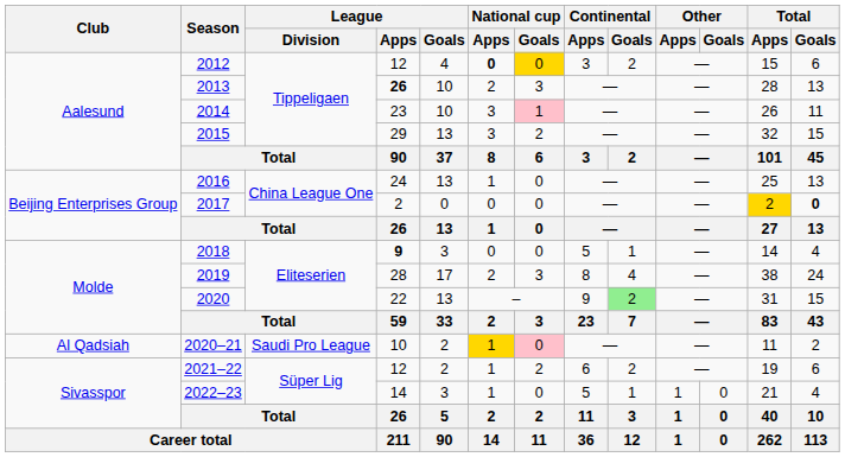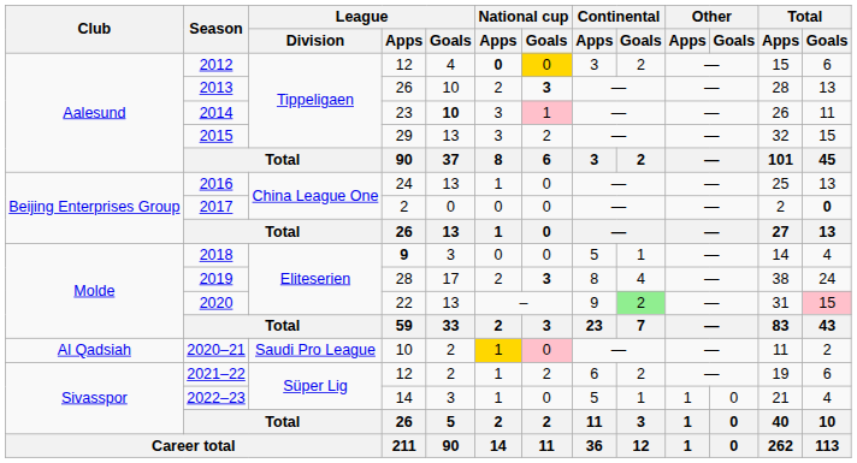 <table class="wikitable" style="text-align: center;">
 <tr>
 <th rowspan="2">Club</th>
 <th rowspan="2">Season</th>
 <th colspan="3">League</th>
 <th colspan="2">National cup</th>
 <th colspan="2">Continental</th>
 <th colspan="2">Other</th>
 <th colspan="2">Total</th>
 </tr>
 <tr>
 <th>Division</th>
 <th>Apps</th>
 <th>Goals</th>
 <th>Apps</th>
 <th>Goals</th>
 <th>Apps</th>
 <th>Goals</th>
 <th>Apps</th>
 <th>Goals</th>
 <th>Apps</th>
 <th>Goals</th>
 </tr>
 <tr>
 <td rowspan="5" valign="center"><a href='#'>Aalesund</a></td>
 <td><a href='#'>2012</a></td>
 <td rowspan="4" valign="center"><a href='#'>Tippeligaen</a></td>
 <td>12</td>
 <td>4</td>
 <td><strong>0</strong></td>
 <td style="background: gold;">0</td>
 <td>3</td>
 <td>2</td>
 <td colspan="2">—</td>
 <td>15</td>
 <td>6</td>
 </tr>
 <tr>
 <td><a href='#'>2013</a></td>
-<td><strong>26</strong></td>
+<td>26</td>
 <td>10</td>
 <td>2</td>
-<td>3</td>
+<td><strong>3</strong></td>
 <td colspan="2">—</td>
 <td colspan="2">—</td>
 <td>28</td>
 <td>13</td>
 </tr>
 <tr>
 <td><a href='#'>2014</a></td>
 <td>23</td>
-<td>10</td>
+<td><strong>10</strong></td>
 <td>3</td>
 <td style="background: pink;">1</td>
 <td colspan="2">—</td>
 <td colspan="2">—</td>
 <td>26</td>
 <td>11</td>
 </tr>
 <tr>
 <td><a href='#'>2015</a></td>
 <td>29</td>
 <td>13</td>
 <td>3</td>
 <td>2</td>
 <td colspan="2">—</td>
 <td colspan="2">—</td>
 <td>32</td>
 <td>15</td>
 </tr>
 <tr>
 <th colspan="2">Total</th>
 <th>90</th>
 <th>37</th>
 <th>8</th>
 <th>6</th>
 <th>3</th>
 <th>2</th>
 <th colspan="2">—</th>
 <th>101</th>
 <th>45</th>
 </tr>
 <tr>
 <td rowspan="3" valign="center"><a href='#'>Beijing Enterprises Group</a></td>
 <td><a href='#'>2016</a></td>
 <td rowspan="2" valign="center"><a href='#'>China League One</a></td>
 <td>24</td>
 <td>13</td>
 <td>1</td>
 <td>0</td>
 <td colspan="2">—</td>
 <td colspan="2">—</td>
 <td>25</td>
 <td>13</td>
 </tr>
 <tr>
 <td><a href='#'>2017</a></td>
 <td>2</td>
 <td>0</td>
 <td>0</td>
 <td>0</td>
 <td colspan="2">—</td>
 <td colspan="2">—</td>
-<td style="background: gold;">2</td>
+<td>2</td>
 <td><strong>0</strong></td>
 </tr>
 <tr>
 <th colspan="2">Total</th>
 <th>26</th>
 <th>13</th>
 <th>1</th>
 <th>0</th>
 <th colspan="2">—</th>
 <th colspan="2">—</th>
 <th>27</th>
 <th>13</th>
 </tr>
 <tr>
 <td rowspan="4" valign="center"><a href='#'>Molde</a></td>
 <td><a href='#'>2018</a></td>
 <td rowspan="3" valign="center"><a href='#'>Eliteserien</a></td>
 <td><strong>9</strong></td>
 <td>3</td>
 <td>0</td>
 <td>0</td>
 <td>5</td>
 <td>1</td>
 <td colspan="2">—</td>
 <td>14</td>
 <td>4</td>
 </tr>
 <tr>
 <td><a href='#'>2019</a></td>
 <td>28</td>
 <td>17</td>
 <td>2</td>
-<td>3</td>
+<td><strong>3</strong></td>
 <td>8</td>
 <td>4</td>
 <td colspan="2">—</td>
 <td>38</td>
 <td>24</td>
 </tr>
 <tr>
 <td><a href='#'>2020</a></td>
 <td>22</td>
 <td>13</td>
 <td colspan="2">–</td>
 <td>9</td>
 <td style="background: lightgreen;">2</td>
 <td colspan="2">—</td>
 <td>31</td>
-<td>15</td>
+<td style="background: pink;">15</td>
 </tr>
 <tr>
 <th colspan="2">Total</th>
 <th>59</th>
 <th>33</th>
 <th>2</th>
 <th>3</th>
 <th>23</th>
 <th>7</th>
 <th colspan="2">—</th>
 <th>83</th>
 <th>43</th>
 </tr>
 <tr>
 <td><a href='#'>Al Qadsiah</a></td>
 <td><a href='#'>2020–21</a></td>
 <td><a href='#'>Saudi Pro League</a></td>
 <td>10</td>
 <td>2</td>
 <td style="background: gold;">1</td>
 <td style="background: pink;">0</td>
 <td colspan="2">—</td>
 <td colspan="2">—</td>
 <td>11</td>
 <td>2</td>
 </tr>
 <tr>
 <td rowspan="3"><a href='#'>Sivasspor</a></td>
 <td><a href='#'>2021–22</a></td>
 <td rowspan="2"><a href='#'>Süper Lig</a></td>
 <td>12</td>
 <td>2</td>
 <td>1</td>
 <td>2</td>
 <td>6</td>
 <td>2</td>
 <td colspan="2">—</td>
 <td>19</td>
 <td>6</td>
 </tr>
 <tr>
 <td><a href='#'>2022–23</a></td>
 <td>14</td>
 <td>3</td>
 <td>1</td>
 <td>0</td>
 <td>5</td>
 <td>1</td>
 <td>1</td>
 <td>0</td>
 <td>21</td>
 <td>4</td>
 </tr>
 <tr>
 <th colspan="2">Total</th>
 <th>26</th>
 <th>5</th>
 <th>2</th>
 <th>2</th>
 <th>11</th>
 <th>3</th>
 <th>1</th>
 <th>0</th>
 <th>40</th>
 <th>10</th>
 </tr>
 <tr>
 <th colspan="3">Career total</th>
 <th>211</th>
 <th>90</th>
 <th>14</th>
 <th>11</th>
 <th>36</th>
 <th>12</th>
 <th>1</th>
 <th>0</th>
 <th>262</th>
 <th>113</th>
 </tr>
 </table>
